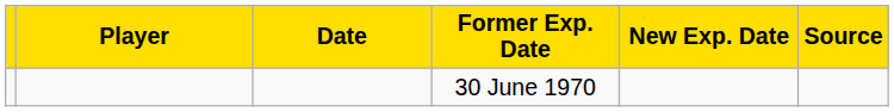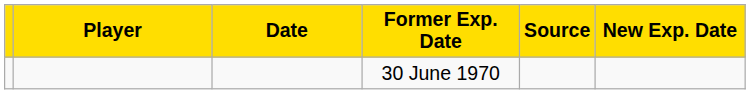 <table class="wikitable sortable">
 <tr>
 <th style="background:#FFDE00"></th>
 <th width=200 style="background:#FFDE00">Player</th>
 <th width=150 style="background:#FFDE00">Date</th>
 <th width=150 style="background:#FFDE00">Former Exp. Date</th>
+<th style="background:#FFDE00">Source</th>
 <th width=150 style="background:#FFDE00">New Exp. Date</th>
-<th style="background:#FFDE00">Source</th>
 </tr>
 <tr>
 <td align=center></td>
 <td></td>
 <td align=center></td>
 <td align=center>30 June 1970</td>
 <td align=center></td>
 <td align=center></td>
 </tr>
 </table>
